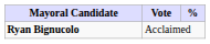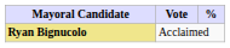 <table class="wikitable">
 <tr>
 <th style="background:#ddf; width:200px;">Mayoral Candidate</th>
 <th style="background:#ddf; width:50px;">Vote</th>
 <th style="background:#ddf; width:30px;">%</th>
 </tr>
 <tr>
-<td><strong>Ryan Bignucolo</strong></td>
+<td style="background: khaki;"><strong>Ryan Bignucolo</strong></td>
 <td colspan="2">Acclaimed</td>
 </tr>
 </table>
